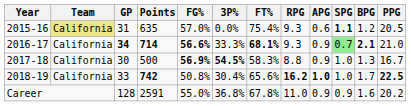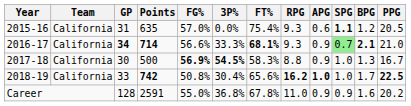 <table class="wikitable">
 <tr>
 <th>Year</th>
 <th>Team</th>
 <th>GP</th>
 <th>Points</th>
 <th>FG%</th>
 <th>3P%</th>
 <th>FT%</th>
 <th>RPG</th>
 <th>APG</th>
 <th>SPG</th>
 <th>BPG</th>
 <th>PPG</th>
 </tr>
 <tr>
 <td>2015-16</td>
-<td style="background: khaki;">California</td>
+<td>California</td>
 <td>31</td>
 <td>635</td>
 <td>57.0%</td>
 <td>0.0%</td>
 <td>75.4%</td>
 <td>9.3</td>
 <td>0.6</td>
 <td><strong>1.1</strong></td>
 <td>1.2</td>
 <td>20.5</td>
 </tr>
 <tr>
 <td>2016-17</td>
 <td>California</td>
 <td><strong>34</strong></td>
 <td><strong>714</strong></td>
-<td><strong>56.6%</strong></td>
+<td>56.6%</td>
 <td>33.3%</td>
 <td><strong>68.1%</strong></td>
 <td>9.3</td>
 <td>0.9</td>
 <td style="background: lightgreen;">0.7</td>
 <td><strong>2.1</strong></td>
 <td>21.0</td>
 </tr>
 <tr>
 <td>2017-18</td>
 <td>California</td>
 <td>30</td>
 <td>500</td>
 <td><strong>56.9%</strong></td>
 <td><strong>54.5%</strong></td>
 <td>58.3%</td>
 <td>8.8</td>
 <td>0.9</td>
 <td>1.0</td>
 <td>1.3</td>
 <td>16.7</td>
 </tr>
 <tr>
 <td>2018-19</td>
 <td>California</td>
 <td>33</td>
 <td><strong>742</strong></td>
 <td>50.8%</td>
 <td>30.4%</td>
 <td>65.6%</td>
 <td><strong>16.2</strong></td>
 <td><strong>1.0</strong></td>
 <td>1.0</td>
 <td>1.7</td>
 <td><strong>22.5</strong></td>
 </tr>
 <tr>
 <td colspan="2">Career</td>
 <td>128</td>
 <td>2591</td>
 <td>55.0%</td>
 <td>36.8%</td>
 <td>67.8%</td>
 <td>11.0</td>
 <td>0.9</td>
 <td>0.9</td>
 <td>1.6</td>
 <td>20.2</td>
 </tr>
 </table>
